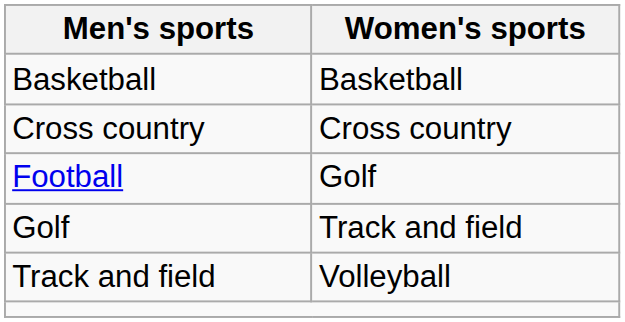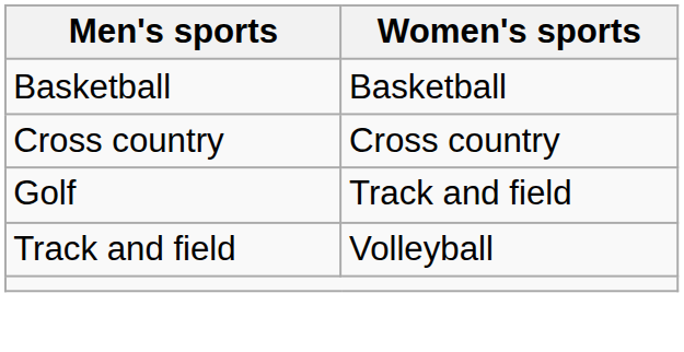 <table class="wikitable"; style= "text-align: ">
 <tr>
 <th width=150px>Men's sports</th>
 <th width=150px>Women's sports</th>
 </tr>
 <tr>
 <td>Basketball</td>
 <td>Basketball</td>
 </tr>
 <tr>
 <td>Cross country</td>
 <td>Cross country</td>
 </tr>
 <tr>
-<td><a href='#'>Football</a></td>
-<td>Golf</td>
-</tr>
-<tr>
 <td>Golf</td>
 <td>Track and field</td>
 </tr>
 <tr>
 <td>Track and field</td>
 <td>Volleyball</td>
 </tr>
 <tr>
 <td colspan=2></td>
 </tr>
 </table>
